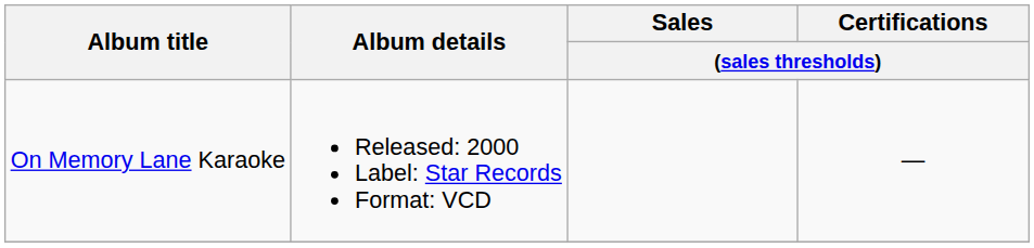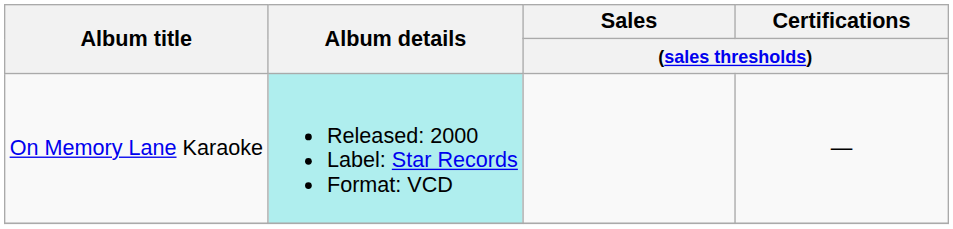 <table class="wikitable">
 <tr>
 <th rowspan=2>Album title</th>
 <th rowspan=2>Album details</th>
 <th width=150>Sales</th>
 <th width=150>Certifications</th>
 </tr>
 <tr>
 <th colspan=2><small>(<a href='#'>sales thresholds</a>)</small></th>
 </tr>
 <tr>
 <td><a href='#'>On Memory Lane</a> Karaoke</td>
-<td><br><ul><li>Released: 2000</li><li>Label: <a href='#'>Star Records</a></li><li>Format: VCD</li></ul></td>
+<td style="background: paleturquoise;"><br><ul><li>Released: 2000</li><li>Label: <a href='#'>Star Records</a></li><li>Format: VCD</li></ul></td>
 <td></td>
 <td align=center>—</td>
 </tr>
 <tr>
 </tr>
 </table>
